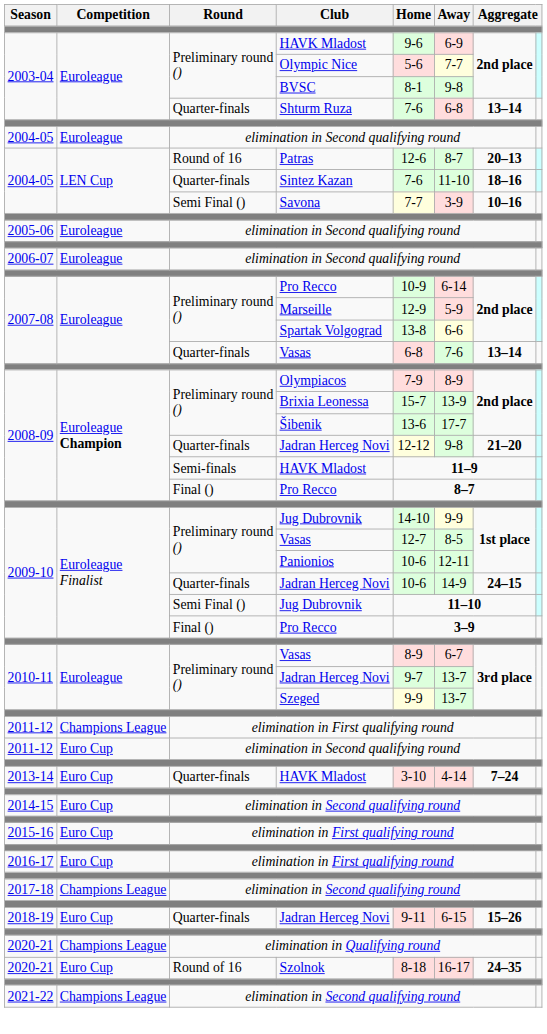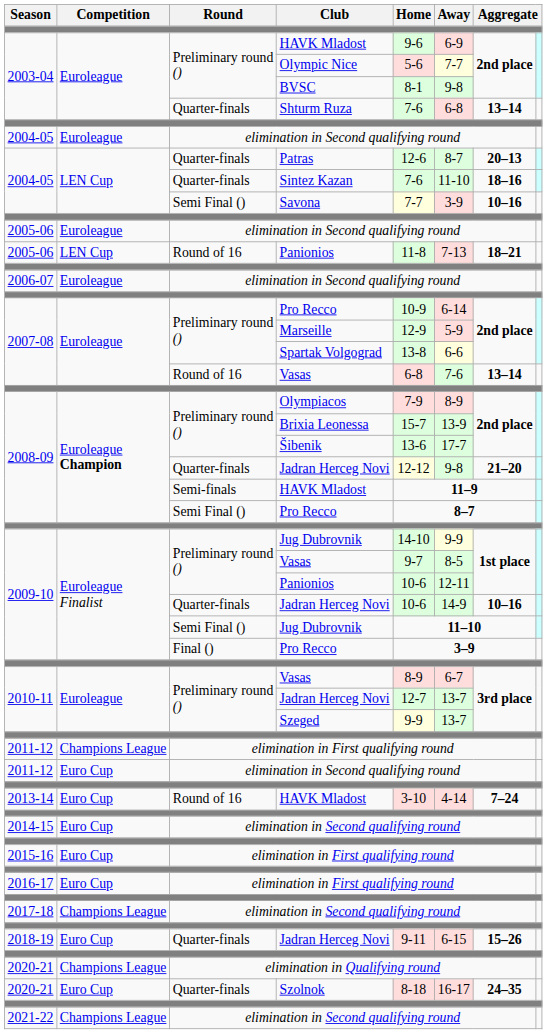 <table class="wikitable collapsible collapsed" align="center" style="text-align:left;">
 <tr>
 <th>Season</th>
 <th>Competition</th>
 <th>Round</th>
 <th>Club</th>
 <th>Home</th>
 <th>Away</th>
 <th colspan=2>Aggregate</th>
 </tr>
 <tr>
 <td colspan=8 style="text-align: center;" bgcolor=grey></td>
 </tr>
 <tr>
 <td rowspan=4><a href='#'>2003-04</a></td>
 <td rowspan=4><a href='#'>Euroleague</a></td>
 <td rowspan=3>Preliminary round<br><em>()</em></td>
 <td> <a href='#'>HAVK Mladost</a></td>
 <td style="text-align:center; background:#dfd;">9-6</td>
 <td style="text-align:center; background:#fdd;">6-9</td>
 <td align=center rowspan=3><strong>2nd place</strong></td>
 <td style="background-color:#CFF" align="center" rowspan=3></td>
 </tr>
 <tr>
 <td> <a href='#'>Olympic Nice</a></td>
 <td style="text-align:center; background:#fdd;">5-6</td>
 <td style="text-align:center; background:#ffd;">7-7</td>
 </tr>
 <tr>
 <td> <a href='#'>BVSC</a></td>
 <td style="text-align:center; background:#dfd;">8-1</td>
 <td style="text-align:center; background:#dfd;">9-8</td>
 </tr>
 <tr>
 <td>Quarter-finals</td>
 <td> <a href='#'>Shturm Ruza</a></td>
 <td style="text-align:center; background:#dfd;">7-6</td>
 <td style="text-align:center; background:#fdd;">6-8</td>
 <td align=center><strong>13–14</strong></td>
 <td align="center"></td>
 </tr>
 <tr>
 <td colspan=8 style="text-align: center;" bgcolor=grey></td>
 </tr>
 <tr>
 <td rowspan=1><a href='#'>2004-05</a></td>
 <td rowspan=1><a href='#'>Euroleague</a></td>
 <td colspan=5; align="center"><em>elimination in Second qualifying round</em></td>
 <td align="center"></td>
 </tr>
 <tr>
 <td rowspan=3><a href='#'>2004-05</a></td>
 <td rowspan=3><a href='#'>LEN Cup</a></td>
-<td>Round of 16</td>
+<td>Quarter-finals</td>
 <td> <a href='#'>Patras</a></td>
 <td style="text-align:center; background:#dfd;">12-6</td>
 <td style="text-align:center; background:#dfd;">8-7</td>
 <td style="text-align:center;"><strong>20–13</strong></td>
 <td style="background-color:#CFF" align="center"></td>
 </tr>
 <tr>
 <td>Quarter-finals</td>
 <td> <a href='#'>Sintez Kazan</a></td>
 <td style="text-align:center; background:#dfd;">7-6</td>
 <td style="text-align:center; background:#dfd;">11-10</td>
 <td style="text-align:center;"><strong>18–16</strong></td>
 <td style="background-color:#CFF" align="center"></td>
 </tr>
 <tr>
 <td>Semi Final ()</td>
 <td> <a href='#'>Savona</a></td>
 <td style="text-align:center; background:#ffd;">7-7</td>
 <td style="text-align:center; background:#fdd;">3-9</td>
 <td style="text-align:center;"><strong>10–16</strong></td>
 <td align="center"></td>
 </tr>
 <tr>
 <td colspan=8 style="text-align: center;" bgcolor=grey></td>
 </tr>
 <tr>
 <td rowspan=1><a href='#'>2005-06</a></td>
 <td rowspan=1><a href='#'>Euroleague</a></td>
 <td colspan=5; align="center"><em>elimination in Second qualifying round</em></td>
+<td align="center"></td>
+</tr>
+<tr>
+<td rowspan=1><a href='#'>2005-06</a></td>
+<td rowspan=1><a href='#'>LEN Cup</a></td>
+<td>Round of 16</td>
+<td> <a href='#'>Panionios</a></td>
+<td style="text-align:center; background:#dfd;">11-8</td>
+<td style="text-align:center; background:#fdd;">7-13</td>
+<td style="text-align:center;"><strong>18–21</strong></td>
 <td align="center"></td>
 </tr>
 <tr>
 <td colspan=8 style="text-align: center;" bgcolor=grey></td>
 </tr>
 <tr>
 <td rowspan=1><a href='#'>2006-07</a></td>
 <td rowspan=1><a href='#'>Euroleague</a></td>
 <td colspan=5; align="center"><em>elimination in Second qualifying round</em></td>
 <td align="center"></td>
 </tr>
 <tr>
 <td colspan=8 style="text-align: center;" bgcolor=grey></td>
 </tr>
 <tr>
 <td rowspan=4><a href='#'>2007-08</a></td>
 <td rowspan=4><a href='#'>Euroleague</a></td>
 <td rowspan=3>Preliminary round<br><em>()</em></td>
 <td> <a href='#'>Pro Recco</a></td>
 <td style="text-align:center; background:#dfd;">10-9</td>
 <td style="text-align:center; background:#fdd;">6-14</td>
 <td align=center rowspan=3><strong>2nd place</strong></td>
 <td style="background-color:#CFF" align="center" rowspan=3></td>
 </tr>
 <tr>
 <td> <a href='#'>Marseille</a></td>
 <td style="text-align:center; background:#dfd;">12-9</td>
 <td style="text-align:center; background:#fdd;">5-9</td>
 </tr>
 <tr>
 <td> <a href='#'>Spartak Volgograd</a></td>
 <td style="text-align:center; background:#dfd;">13-8</td>
 <td style="text-align:center; background:#ffd;">6-6</td>
 </tr>
 <tr>
-<td>Quarter-finals</td>
+<td>Round of 16</td>
 <td> <a href='#'>Vasas</a></td>
 <td style="text-align:center; background:#fdd;">6-8</td>
 <td style="text-align:center; background:#dfd;">7-6</td>
 <td align=center><strong>13–14</strong></td>
 <td align="center"></td>
 </tr>
 <tr>
 <td colspan=8 style="text-align: center;" bgcolor=grey></td>
 </tr>
 <tr>
 <td rowspan=6><a href='#'>2008-09</a></td>
 <td rowspan=6><a href='#'>Euroleague</a><br> <strong>Champion</strong></td>
 <td rowspan=3>Preliminary round<br><em>()</em></td>
 <td> <a href='#'>Olympiacos</a></td>
 <td style="text-align:center; background:#fdd;">7-9</td>
 <td style="text-align:center; background:#fdd;">8-9</td>
 <td align=center rowspan=3><strong>2nd place</strong></td>
 <td style="background-color:#CFF" align="center" rowspan=3></td>
 </tr>
 <tr>
 <td> <a href='#'>Brixia Leonessa</a></td>
 <td style="text-align:center; background:#dfd;">15-7</td>
 <td style="text-align:center; background:#dfd;">13-9</td>
 </tr>
 <tr>
 <td> <a href='#'>Šibenik</a></td>
 <td style="text-align:center; background:#dfd;">13-6</td>
 <td style="text-align:center; background:#dfd;">17-7</td>
 </tr>
 <tr>
 <td>Quarter-finals</td>
 <td> <a href='#'>Jadran Herceg Novi</a></td>
 <td style="text-align:center; background:#ffd;">12-12</td>
 <td style="text-align:center; background:#dfd;">9-8</td>
 <td align=center><strong>21–20</strong></td>
 <td style="background-color:#CFF" align="center"></td>
 </tr>
 <tr>
 <td>Semi-finals</td>
 <td> <a href='#'>HAVK Mladost</a></td>
 <td align=center colspan=3><strong>11–9</strong></td>
 <td style="background-color:#CFF" align="center"></td>
 </tr>
 <tr>
-<td>Final ()</td>
+<td>Semi Final ()</td>
 <td> <a href='#'>Pro Recco</a></td>
 <td align=center colspan=3><strong>8–7 </strong></td>
 <td style="background-color:#CFF" align="center"></td>
 </tr>
 <tr>
 <td colspan=8 style="text-align: center;" bgcolor=grey></td>
 </tr>
 <tr>
 <td rowspan=6><a href='#'>2009-10</a></td>
 <td rowspan=6><a href='#'>Euroleague</a><br> <em>Finalist</em></td>
 <td rowspan=3>Preliminary round<br><em>()</em></td>
 <td> <a href='#'>Jug Dubrovnik</a></td>
 <td style="text-align:center; background:#dfd;">14-10</td>
 <td style="text-align:center; background:#ffd;">9-9</td>
 <td align=center rowspan=3><strong>1st place</strong></td>
 <td style="background-color:#CFF" align="center" rowspan=3></td>
 </tr>
 <tr>
 <td> <a href='#'>Vasas</a></td>
-<td style="text-align:center; background:#dfd;">12-7</td>
+<td style="text-align:center; background:#dfd;">9-7</td>
 <td style="text-align:center; background:#dfd;">8-5</td>
 </tr>
 <tr>
 <td> <a href='#'>Panionios</a></td>
 <td style="text-align:center; background:#dfd;">10-6</td>
 <td style="text-align:center; background:#dfd;">12-11</td>
 </tr>
 <tr>
 <td>Quarter-finals</td>
 <td> <a href='#'>Jadran Herceg Novi</a></td>
 <td style="text-align:center; background:#dfd;">10-6</td>
 <td style="text-align:center; background:#dfd;">14-9</td>
-<td align=center><strong>24–15</strong></td>
+<td style="text-align:center;"><strong>10–16</strong></td>
 <td style="background-color:#CFF" align="center"></td>
 </tr>
 <tr>
 <td>Semi Final ()</td>
 <td> <a href='#'>Jug Dubrovnik</a></td>
 <td align=center colspan=3><strong>11–10</strong></td>
 <td style="background-color:#CFF" align="center"></td>
 </tr>
 <tr>
 <td>Final ()</td>
 <td> <a href='#'>Pro Recco</a></td>
 <td align=center colspan=3><strong>3–9</strong></td>
 <td align="center"></td>
 </tr>
 <tr>
 <td colspan=8 style="text-align: center;" bgcolor=grey></td>
 </tr>
 <tr>
 <td rowspan=3><a href='#'>2010-11</a></td>
 <td rowspan=3><a href='#'>Euroleague</a></td>
 <td rowspan=3>Preliminary round<br><em>()</em></td>
 <td> <a href='#'>Vasas</a></td>
 <td style="text-align:center; background:#fdd;">8-9</td>
 <td style="text-align:center; background:#fdd;">6-7</td>
 <td align=center rowspan=3><strong>3rd place</strong></td>
 <td align="center" rowspan=3></td>
 </tr>
 <tr>
 <td> <a href='#'>Jadran Herceg Novi</a></td>
-<td style="text-align:center; background:#dfd;">9-7</td>
+<td style="text-align:center; background:#dfd;">12-7</td>
 <td style="text-align:center; background:#dfd;">13-7</td>
 </tr>
 <tr>
 <td> <a href='#'>Szeged</a></td>
 <td style="text-align:center; background:#ffd;">9-9</td>
 <td style="text-align:center; background:#dfd;">13-7</td>
 </tr>
 <tr>
 <td colspan=8 style="text-align: center;" bgcolor=grey></td>
 </tr>
 <tr>
 <td rowspan=1><a href='#'>2011-12</a></td>
 <td rowspan=1><a href='#'>Champions League</a></td>
 <td colspan=5; align="center"><em>elimination in First qualifying round</em></td>
 <td align="center"></td>
 </tr>
 <tr>
 <td rowspan=1><a href='#'>2011-12</a></td>
 <td rowspan=1><a href='#'>Euro Cup</a></td>
 <td colspan=5; align="center"><em>elimination in Second qualifying round</em></td>
 <td align="center"></td>
 </tr>
 <tr>
 <td colspan=8 style="text-align: center;" bgcolor=grey></td>
 </tr>
 <tr>
 <td rowspan=1><a href='#'>2013-14</a></td>
 <td rowspan=1><a href='#'>Euro Cup</a></td>
-<td>Quarter-finals</td>
+<td>Round of 16</td>
 <td> <a href='#'>HAVK Mladost</a></td>
 <td style="text-align:center; background:#fdd;">3-10</td>
 <td style="text-align:center; background:#fdd;">4-14</td>
 <td style="text-align:center;"><strong>7–24</strong></td>
 <td align="center"></td>
 </tr>
 <tr>
 <td colspan=8 style="text-align: center;" bgcolor=grey></td>
 </tr>
 <tr>
 <td rowspan=1><a href='#'>2014-15</a></td>
 <td rowspan=1><a href='#'>Euro Cup</a></td>
 <td colspan=5; align="center"><em>elimination in <a href='#'>Second qualifying round</a></em></td>
 <td align="center"></td>
 </tr>
 <tr>
 <td colspan=8 style="text-align: center;" bgcolor=grey></td>
 </tr>
 <tr>
 <td rowspan=1><a href='#'>2015-16</a></td>
 <td rowspan=1><a href='#'>Euro Cup</a></td>
 <td colspan=5; align="center"><em>elimination in <a href='#'>First qualifying round</a></em></td>
 <td align="center"></td>
 </tr>
 <tr>
 <td colspan=8 style="text-align: center;" bgcolor=grey></td>
 </tr>
 <tr>
 <td rowspan=1><a href='#'>2016-17</a></td>
 <td rowspan=1><a href='#'>Euro Cup</a></td>
 <td colspan=5; align="center"><em>elimination in <a href='#'>First qualifying round</a></em></td>
 <td align="center"></td>
 </tr>
 <tr>
 <td colspan=8 style="text-align: center;" bgcolor=grey></td>
 </tr>
 <tr>
 <td rowspan=1><a href='#'>2017-18</a></td>
 <td rowspan=1><a href='#'>Champions League</a></td>
 <td colspan=5; align="center"><em>elimination in <a href='#'>Second qualifying round</a></em></td>
 <td align="center"></td>
 </tr>
 <tr>
 <td colspan=8 style="text-align: center;" bgcolor=grey></td>
 </tr>
 <tr>
 <td rowspan=1><a href='#'>2018-19</a></td>
 <td rowspan=1><a href='#'>Euro Cup</a></td>
 <td>Quarter-finals</td>
 <td> <a href='#'>Jadran Herceg Novi</a></td>
 <td style="text-align:center; background:#fdd;">9-11</td>
 <td style="text-align:center; background:#fdd;">6-15</td>
 <td style="text-align:center;"><strong>15–26</strong></td>
 <td align="center"></td>
 </tr>
 <tr>
 <td colspan=8 style="text-align: center;" bgcolor=grey></td>
 </tr>
 <tr>
 <td rowspan=1><a href='#'>2020-21</a></td>
 <td rowspan=1><a href='#'>Champions League</a></td>
 <td colspan=5; align="center"><em>elimination in <a href='#'>Qualifying round</a></em></td>
 <td align="center"></td>
 </tr>
 <tr>
 <td rowspan=1><a href='#'>2020-21</a></td>
 <td rowspan=1><a href='#'>Euro Cup</a></td>
-<td>Round of 16</td>
+<td>Quarter-finals</td>
 <td> <a href='#'>Szolnok</a></td>
 <td style="text-align:center; background:#fdd;">8-18</td>
 <td style="text-align:center; background:#fdd;">16-17</td>
 <td style="text-align:center;"><strong>24–35</strong></td>
 <td align="center"></td>
 </tr>
 <tr>
 <td colspan=8 style="text-align: center;" bgcolor=grey></td>
 </tr>
 <tr>
 <td rowspan=1><a href='#'>2021-22</a></td>
 <td rowspan=1><a href='#'>Champions League</a></td>
 <td colspan=5; align="center"><em>elimination in <a href='#'>Second qualifying round</a></em></td>
 <td align="center"></td>
 </tr>
 </table>
